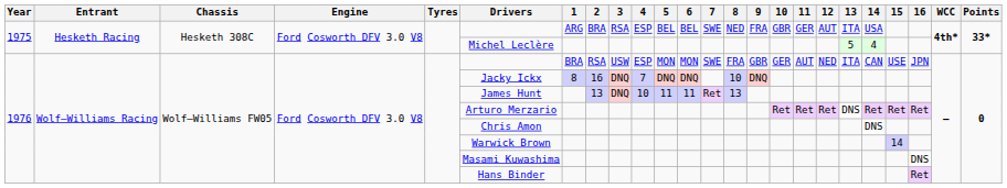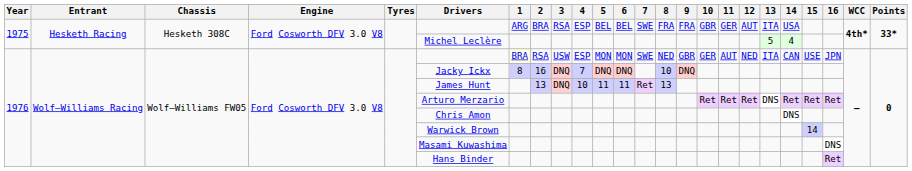 <table class="wikitable" style="text-align:center; font-size:95%">
 <tr>
 <th>Year</th>
 <th>Entrant</th>
 <th>Chassis</th>
 <th>Engine</th>
 <th>Tyres</th>
 <th>Drivers</th>
 <th>1</th>
 <th>2</th>
 <th>3</th>
 <th>4</th>
 <th>5</th>
 <th>6</th>
 <th>7</th>
 <th>8</th>
 <th>9</th>
 <th>10</th>
 <th>11</th>
 <th>12</th>
 <th>13</th>
 <th>14</th>
 <th>15</th>
 <th>16</th>
 <th>WCC</th>
 <th>Points</th>
 </tr>
 <tr>
 <td rowspan="2"><a href='#'>1975</a></td>
 <td rowspan="2"><a href='#'>Hesketh Racing</a></td>
 <td rowspan="2">Hesketh 308C</td>
 <td rowspan="2"><a href='#'>Ford</a> <a href='#'>Cosworth DFV</a> 3.0 <a href='#'>V8</a></td>
 <td rowspan="2"></td>
 <td></td>
 <td><a href='#'>ARG</a></td>
 <td><a href='#'>BRA</a></td>
 <td><a href='#'>RSA</a></td>
 <td><a href='#'>ESP</a></td>
 <td><a href='#'>BEL</a></td>
 <td><a href='#'>BEL</a></td>
 <td><a href='#'>SWE</a></td>
-<td><a href='#'>NED</a></td>
+<td><a href='#'>FRA</a></td>
 <td><a href='#'>FRA</a></td>
 <td><a href='#'>GBR</a></td>
 <td><a href='#'>GER</a></td>
 <td><a href='#'>AUT</a></td>
 <td><a href='#'>ITA</a></td>
 <td><a href='#'>USA</a></td>
 <td></td>
 <td></td>
 <td rowspan="2"><strong>4th*</strong></td>
 <td rowspan="2"><strong>33*</strong></td>
 </tr>
 <tr>
 <td><a href='#'>Michel Leclère</a></td>
 <td></td>
 <td></td>
 <td></td>
 <td></td>
 <td></td>
 <td></td>
 <td></td>
 <td></td>
 <td></td>
 <td></td>
 <td></td>
 <td></td>
 <td style="background:#dfffdf;">5</td>
 <td style="background:#dfffdf;">4</td>
 <td></td>
 <td></td>
 </tr>
 <tr>
 <td rowspan="8"><a href='#'>1976</a></td>
 <td rowspan="8"><a href='#'>Wolf–Williams Racing</a></td>
 <td rowspan="8">Wolf–Williams FW05</td>
 <td rowspan="8"><a href='#'>Ford</a> <a href='#'>Cosworth DFV</a> 3.0 <a href='#'>V8</a></td>
 <td rowspan="8"></td>
 <td></td>
-<td><a href='#'>BRA</a></td>
+<td style="background: lightyellow;"><a href='#'>BRA</a></td>
 <td><a href='#'>RSA</a></td>
 <td><a href='#'>USW</a></td>
 <td><a href='#'>ESP</a></td>
 <td><a href='#'>MON</a></td>
 <td><a href='#'>MON</a></td>
 <td><a href='#'>SWE</a></td>
-<td><a href='#'>FRA</a></td>
+<td><a href='#'>NED</a></td>
 <td><a href='#'>GBR</a></td>
 <td><a href='#'>GER</a></td>
 <td><a href='#'>AUT</a></td>
 <td><a href='#'>NED</a></td>
 <td><a href='#'>ITA</a></td>
 <td><a href='#'>CAN</a></td>
 <td><a href='#'>USE</a></td>
 <td><a href='#'>JPN</a></td>
 <td rowspan="8"><strong>—</strong></td>
 <td rowspan="8"><strong>0</strong></td>
 </tr>
 <tr>
 <td><a href='#'>Jacky Ickx</a></td>
 <td style="background:#CFCFFF;">8</td>
 <td style="background:#CFCFFF;">16</td>
 <td style="background:#FFCFCF;">DNQ</td>
 <td style="background:#CFCFFF;">7</td>
 <td style="background:#FFCFCF;">DNQ</td>
 <td style="background:#FFCFCF;">DNQ</td>
 <td></td>
 <td style="background:#CFCFFF;">10</td>
 <td style="background:#FFCFCF;">DNQ</td>
 <td></td>
 <td></td>
 <td></td>
 <td></td>
 <td></td>
 <td></td>
 <td></td>
 </tr>
 <tr>
 <td><a href='#'>James Hunt</a></td>
 <td></td>
 <td style="background:#CFCFFF;">13</td>
 <td style="background:#FFCFCF;">DNQ</td>
 <td style="background:#CFCFFF;">10</td>
 <td style="background:#CFCFFF;">11</td>
 <td style="background:#CFCFFF;">11</td>
 <td style="background:#EFCFFF;">Ret</td>
 <td style="background:#CFCFFF;">13</td>
 <td></td>
 <td></td>
 <td></td>
 <td></td>
 <td></td>
 <td></td>
 <td></td>
 <td></td>
 </tr>
 <tr>
 <td><a href='#'>Arturo Merzario</a></td>
 <td></td>
 <td></td>
 <td></td>
 <td></td>
 <td></td>
 <td></td>
 <td></td>
 <td></td>
 <td></td>
 <td style="background:#EFCFFF;">Ret</td>
 <td style="background:#EFCFFF;">Ret</td>
 <td style="background:#EFCFFF;">Ret</td>
 <td style="background:#FFFFFF;">DNS</td>
 <td style="background:#EFCFFF;">Ret</td>
 <td style="background:#EFCFFF;">Ret</td>
 <td style="background:#EFCFFF;">Ret</td>
 </tr>
 <tr>
 <td><a href='#'>Chris Amon</a></td>
 <td></td>
 <td></td>
 <td></td>
 <td></td>
 <td></td>
 <td></td>
 <td></td>
 <td></td>
 <td></td>
 <td></td>
 <td></td>
 <td></td>
 <td></td>
 <td style="background:#FFFFFF;">DNS</td>
 <td></td>
 <td></td>
 </tr>
 <tr>
 <td><a href='#'>Warwick Brown</a></td>
 <td></td>
 <td></td>
 <td></td>
 <td></td>
 <td></td>
 <td></td>
 <td></td>
 <td></td>
 <td></td>
 <td></td>
 <td></td>
 <td></td>
 <td></td>
 <td></td>
 <td style="background:#CFCFFF;">14</td>
 <td></td>
 </tr>
 <tr>
 <td><a href='#'>Masami Kuwashima</a></td>
 <td></td>
 <td></td>
 <td></td>
 <td></td>
 <td></td>
 <td></td>
 <td></td>
 <td></td>
 <td></td>
 <td></td>
 <td></td>
 <td></td>
 <td></td>
 <td></td>
 <td></td>
 <td style="background:#FFFFFF;">DNS</td>
 </tr>
 <tr>
 <td><a href='#'>Hans Binder</a></td>
 <td></td>
 <td></td>
 <td></td>
 <td></td>
 <td></td>
 <td></td>
 <td></td>
 <td></td>
 <td></td>
 <td></td>
 <td></td>
 <td></td>
 <td></td>
 <td></td>
 <td></td>
 <td style="background:#EFCFFF;">Ret</td>
 </tr>
 </table>
